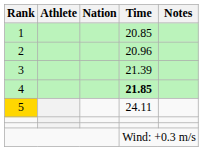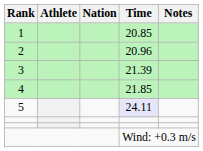 <table class="wikitable plainrowheaders sortable" style="text-align:center;">
 <tr>
 <th scope=col>Rank</th>
 <th scope=col>Athlete</th>
 <th scope=col>Nation</th>
 <th scope=col>Time</th>
 <th scope=col>Notes</th>
 </tr>
 <tr bgcolor=#bbf3bb>
 <td>1</td>
 <th scope=row style="background:#bbf3bb; text-align:left;"></th>
 <td align=left></td>
 <td>20.85</td>
 <td></td>
 </tr>
 <tr bgcolor=#bbf3bb>
 <td>2</td>
 <th scope=row style="background:#bbf3bb; text-align:left;"></th>
 <td align=left></td>
 <td>20.96</td>
 <td></td>
 </tr>
 <tr bgcolor=#bbf3bb>
 <td>3</td>
 <th scope=row style="background:#bbf3bb; text-align:left;"></th>
 <td align=left></td>
 <td>21.39</td>
 <td></td>
 </tr>
 <tr bgcolor=#bbf3bb>
 <td>4</td>
 <th scope=row style="background:#bbf3bb; text-align:left;"></th>
 <td align=left></td>
-<td><strong>21.85</strong></td>
+<td>21.85</td>
 <td></td>
 </tr>
 <tr>
-<td style="background: gold;">5</td>
+<td>5</td>
 <th scope=row style=text-align:left;></th>
 <td align=left></td>
-<td>24.11</td>
+<td style="background: lavender;">24.11</td>
 <td></td>
 </tr>
 <tr>
 <td></td>
 <th scope=row style=text-align:left;></th>
 <td align=left></td>
 <td></td>
 <td></td>
 </tr>
 <tr>
 <td></td>
 <th scope=row style=text-align:left;></th>
 <td align=left></td>
 <td></td>
 <td></td>
 </tr>
 <tr class=sortbottom>
 <td colspan=3></td>
 <td colspan=2 style=text-align:left;>Wind: +0.3 m/s</td>
 </tr>
 </table>
